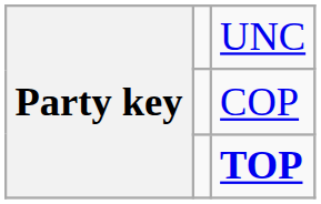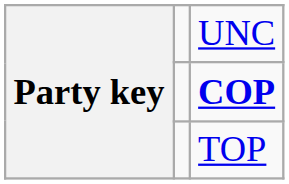 <table class=wikitable>
 <tr>
 <th rowspan=3>Party key</th>
 <td style="background:"></td>
 <td><a href='#'>UNC</a></td>
 </tr>
 <tr>
 <td style="background:"></td>
-<td><a href='#'>COP</a></td>
+<td><strong><a href='#'>COP</a></strong></td>
 </tr>
 <tr>
 <td style="background:"></td>
-<td><strong><a href='#'>TOP</a></strong></td>
+<td><a href='#'>TOP</a></td>
 </tr>
 </table>
